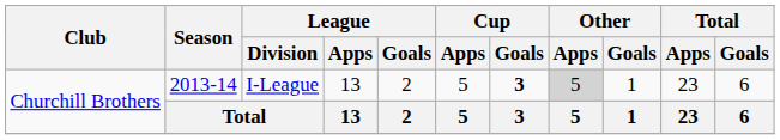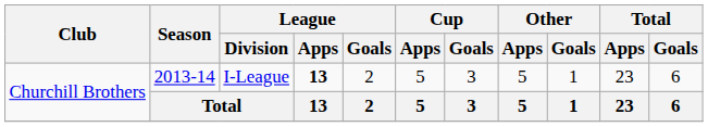 <table class="wikitable" style="text-align: center;">
 <tr>
 <th rowspan=2>Club</th>
 <th rowspan=2>Season</th>
 <th colspan=3>League</th>
 <th colspan=2>Cup</th>
 <th colspan=2>Other</th>
 <th colspan=2>Total</th>
 </tr>
 <tr>
 <th>Division</th>
 <th>Apps</th>
 <th>Goals</th>
 <th>Apps</th>
 <th>Goals</th>
 <th>Apps</th>
 <th>Goals</th>
 <th>Apps</th>
 <th>Goals</th>
 </tr>
 <tr>
 <td rowspan=2><a href='#'>Churchill Brothers</a></td>
 <td><a href='#'>2013-14</a></td>
 <td><a href='#'>I-League</a></td>
-<td>13</td>
+<td><strong>13</strong></td>
 <td>2</td>
 <td>5</td>
-<td><strong>3</strong></td>
-<td style="background: lightgrey;">5</td>
+<td>3</td>
+<td>5</td>
 <td>1</td>
 <td>23</td>
 <td>6</td>
 </tr>
 <tr>
 <th colspan=2>Total</th>
 <th>13</th>
 <th>2</th>
 <th>5</th>
 <th>3</th>
 <th>5</th>
 <th>1</th>
 <th>23</th>
 <th>6</th>
 </tr>
 <tr>
 </tr>
 </table>
